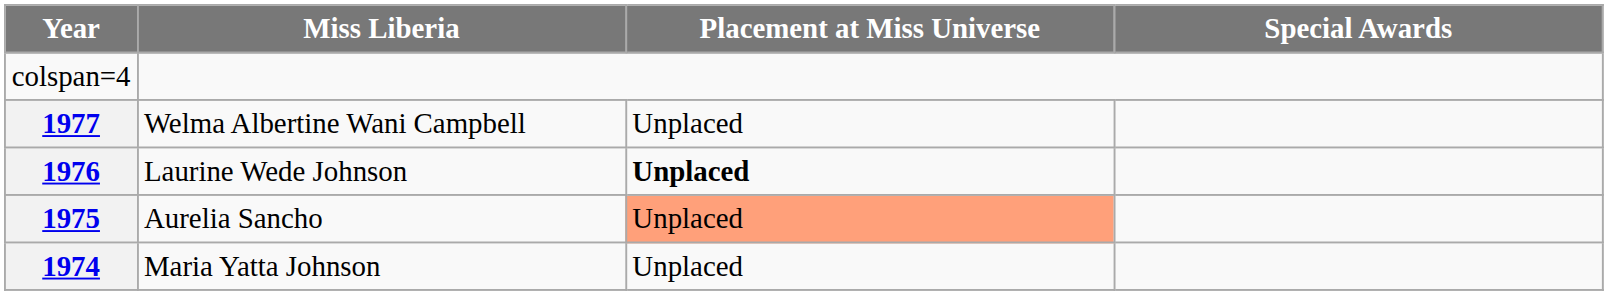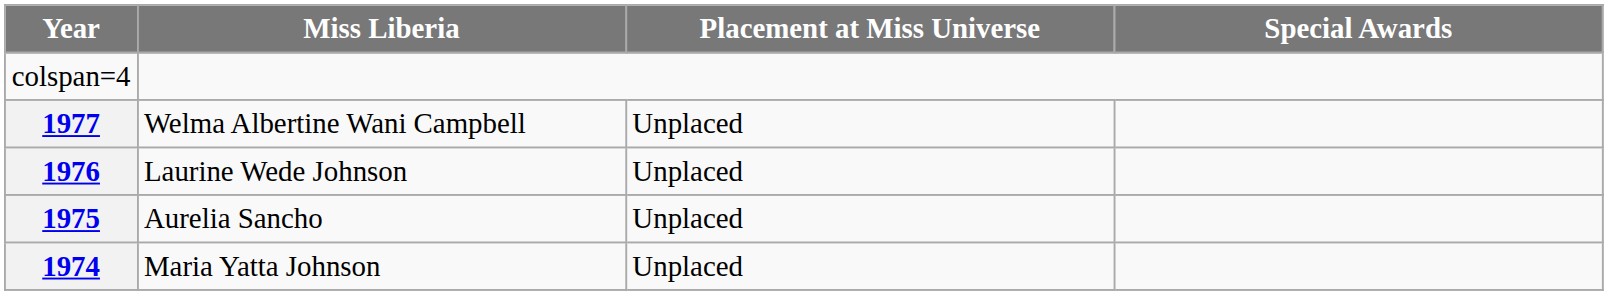 <table class="wikitable " style="font-size: 95%;">
 <tr>
 <th width="60" style="background-color:#787878;color:#FFFFFF;">Year</th>
 <th width="250" style="background-color:#787878;color:#FFFFFF;">Miss Liberia</th>
 <th width="250" style="background-color:#787878;color:#FFFFFF;">Placement at Miss Universe</th>
 <th width="250" style="background-color:#787878;color:#FFFFFF;">Special Awards</th>
 </tr>
 <tr>
 <td>colspan=4 </td>
 </tr>
 <tr>
 <th><a href='#'>1977</a></th>
 <td>Welma Albertine Wani Campbell</td>
 <td>Unplaced</td>
 <td></td>
 </tr>
 <tr>
 <th><a href='#'>1976</a></th>
 <td>Laurine Wede Johnson</td>
-<td><strong>Unplaced</strong></td>
+<td>Unplaced</td>
 <td></td>
 </tr>
 <tr>
 <th><a href='#'>1975</a></th>
 <td>Aurelia Sancho</td>
-<td style="background: lightsalmon;">Unplaced</td>
+<td>Unplaced</td>
 <td></td>
 </tr>
 <tr>
 <th><a href='#'>1974</a></th>
 <td>Maria Yatta Johnson</td>
 <td>Unplaced</td>
 <td></td>
 </tr>
 </table>
